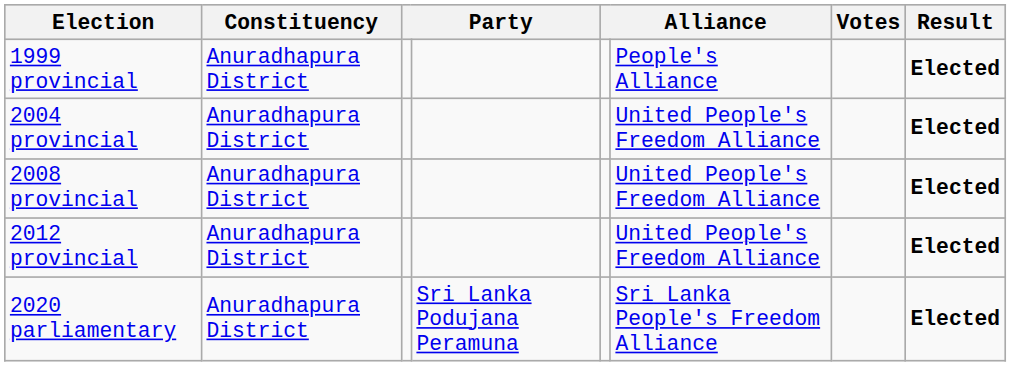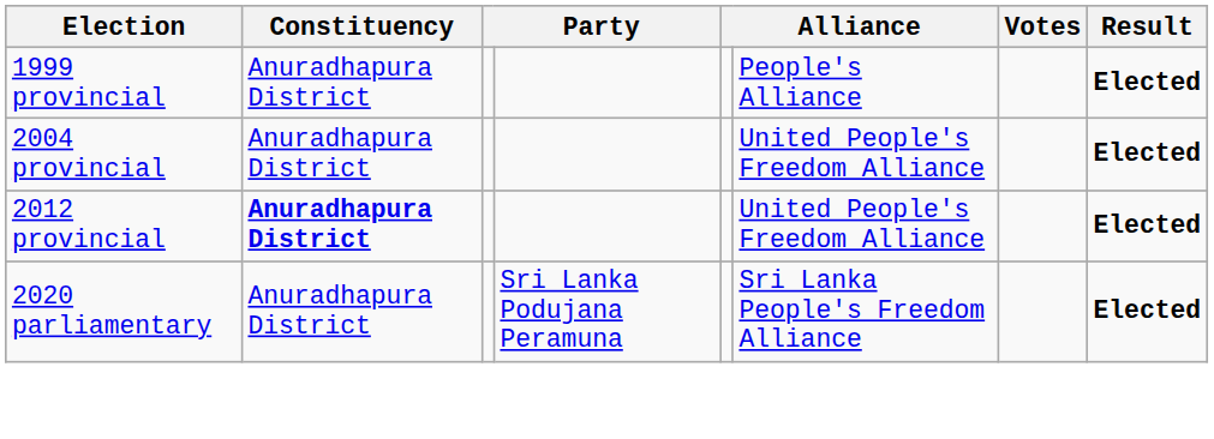 <table class="wikitable" style="text-align:left;">
 <tr>
 <th scope=col>Election</th>
 <th scope=col>Constituency</th>
 <th scope=col colspan="2">Party</th>
 <th scope=col colspan="2">Alliance</th>
 <th scope=col>Votes</th>
 <th scope=col>Result</th>
 </tr>
 <tr>
 <td><a href='#'>1999 provincial</a></td>
 <td><a href='#'>Anuradhapura District</a></td>
 <td></td>
 <td></td>
 <td style="background:"></td>
 <td><a href='#'>People's Alliance</a></td>
 <td align=right></td>
 <td><strong>Elected</strong></td>
 </tr>
 <tr>
 <td><a href='#'>2004 provincial</a></td>
 <td><a href='#'>Anuradhapura District</a></td>
 <td></td>
 <td></td>
 <td style="background:"></td>
 <td><a href='#'>United People's Freedom Alliance</a></td>
 <td align=right></td>
 <td><strong>Elected</strong></td>
 </tr>
 <tr>
-<td><a href='#'>2008 provincial</a></td>
-<td><a href='#'>Anuradhapura District</a></td>
-<td></td>
-<td></td>
-<td style="background:"></td>
-<td><a href='#'>United People's Freedom Alliance</a></td>
-<td align=right></td>
-<td><strong>Elected</strong></td>
-</tr>
-<tr>
 <td><a href='#'>2012 provincial</a></td>
-<td><a href='#'>Anuradhapura District</a></td>
+<td><strong><a href='#'>Anuradhapura District</a></strong></td>
 <td></td>
 <td></td>
 <td style="background:"></td>
 <td><a href='#'>United People's Freedom Alliance</a></td>
 <td align=right></td>
 <td><strong>Elected</strong></td>
 </tr>
 <tr>
 <td><a href='#'>2020 parliamentary</a></td>
 <td><a href='#'>Anuradhapura District</a></td>
 <td style="background:"></td>
 <td><a href='#'>Sri Lanka Podujana Peramuna</a></td>
 <td style="background:"></td>
 <td><a href='#'>Sri Lanka People's Freedom Alliance</a></td>
 <td align=right></td>
 <td><strong>Elected</strong></td>
 </tr>
 </table>
